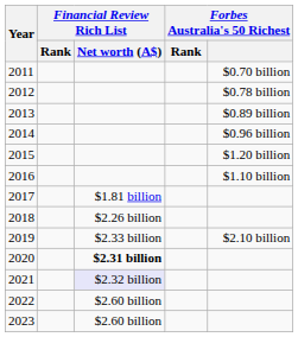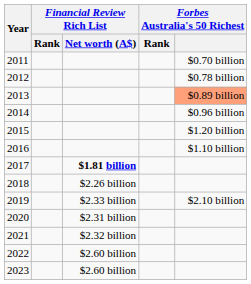 <table class="wikitable">
 <tr>
 <th rowspan=2>Year</th>
 <th colspan=2><em><a href='#'>Financial Review</a></em><br><a href='#'>Rich List</a></th>
 <th colspan=2><em><a href='#'>Forbes</a></em><br><a href='#'>Australia's 50 Richest</a></th>
 </tr>
 <tr>
 <th>Rank</th>
 <th><a href='#'>Net worth</a> (<a href='#'>A$</a>)</th>
 <th>Rank</th>
 <th></th>
 </tr>
 <tr>
 <td>2011</td>
 <td align="center"></td>
 <td align="right"></td>
 <td align="center"></td>
 <td align="right">$0.70 billion </td>
 </tr>
 <tr>
 <td>2012</td>
 <td align="center"></td>
 <td align="right"></td>
 <td align="center"></td>
 <td align="right">$0.78 billion </td>
 </tr>
 <tr>
 <td>2013</td>
 <td align="center"></td>
 <td align="right"></td>
 <td align="center"></td>
-<td align="right">$0.89 billion </td>
+<td align="right" style="background: lightsalmon;">$0.89 billion </td>
 </tr>
 <tr>
 <td>2014</td>
 <td align="center"></td>
 <td align="right"></td>
 <td align="center"></td>
 <td align="right">$0.96 billion </td>
 </tr>
 <tr>
 <td>2015</td>
 <td align="center"></td>
 <td align="right"></td>
 <td align="center"></td>
 <td align="right">$1.20 billion </td>
 </tr>
 <tr>
 <td>2016</td>
 <td align="center"></td>
 <td align="right"></td>
 <td align="center"></td>
 <td align="right">$1.10 billion </td>
 </tr>
 <tr>
 <td>2017</td>
 <td align="center"></td>
-<td align="right">$1.81 <a href='#'>billion</a></td>
+<td align="right"><strong>$1.81 <a href='#'>billion</a></strong></td>
 <td align="center"></td>
 <td align="right"></td>
 </tr>
 <tr>
 <td>2018</td>
 <td align="center"></td>
 <td align="right">$2.26 billion </td>
 <td align="center"></td>
 <td align="right"></td>
 </tr>
 <tr>
 <td>2019</td>
 <td align="center"></td>
 <td align="right">$2.33 billion </td>
 <td align="center"></td>
 <td align="right">$2.10 billion </td>
 </tr>
 <tr>
 <td>2020</td>
 <td align="center"></td>
-<td align="right"><strong>$2.31 billion </strong></td>
+<td align="right">$2.31 billion </td>
 <td align="center"></td>
 <td align="right"></td>
 </tr>
 <tr>
 <td>2021</td>
 <td align="center"></td>
-<td align="right" style="background: lavender;">$2.32 billion </td>
+<td align="right">$2.32 billion </td>
 <td align="center"></td>
 <td align="right"></td>
 </tr>
 <tr>
 <td>2022</td>
 <td align="center"></td>
 <td align="right">$2.60 billion </td>
 <td align="center"></td>
 <td align="right"></td>
 </tr>
 <tr>
 <td>2023</td>
 <td align="center"></td>
 <td align="right">$2.60 billion </td>
 <td align="center"></td>
 <td align="right"></td>
 </tr>
 </table>
